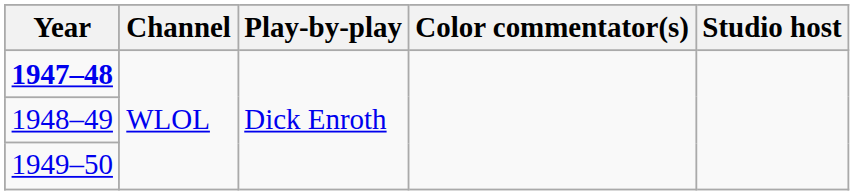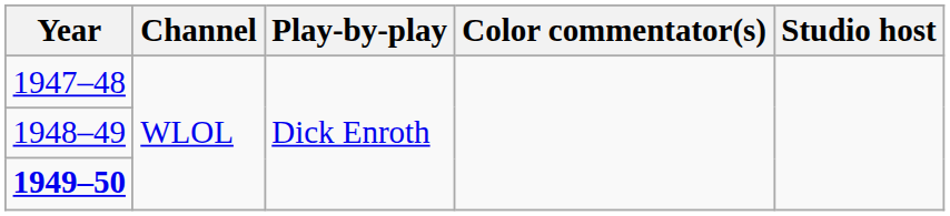 <table class="wikitable">
 <tr>
 <th>Year</th>
 <th>Channel</th>
 <th>Play-by-play</th>
 <th>Color commentator(s)</th>
 <th>Studio host</th>
 </tr>
 <tr>
-<td><strong><a href='#'>1947–48</a></strong></td>
+<td><a href='#'>1947–48</a></td>
 <td rowspan=3><a href='#'>WLOL</a></td>
 <td rowspan=3><a href='#'>Dick Enroth</a></td>
 <td rowspan=3></td>
 <td rowspan=3></td>
 </tr>
 <tr>
 <td><a href='#'>1948–49</a></td>
 </tr>
 <tr>
-<td><a href='#'>1949–50</a></td>
+<td><strong><a href='#'>1949–50</a></strong></td>
 </tr>
 </table>
